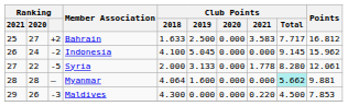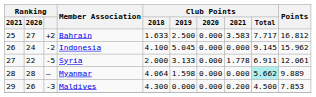 <table class = "wikitable sortable">
 <tr style="font-size: 97%">
 <th colspan="3">Ranking</th>
 <th rowspan="2">Member Association</th>
 <th colspan="5">Club Points</th>
 <th rowspan="2">Points</th>
 </tr>
 <tr style="font-size: 88%">
 <th>2021</th>
 <th>2020</th>
 <th data-sort-type="number"></th>
 <th>2018</th>
 <th>2019</th>
 <th>2020</th>
 <th>2021</th>
 <th>Total</th>
 </tr>
 <tr>
 <td>25</td>
 <td>27</td>
 <td> +2</td>
 <td align=left> <a href='#'>Bahrain</a></td>
 <td>1.633</td>
 <td>2.500</td>
 <td>0.000</td>
 <td>3.583</td>
 <td>7.717</td>
 <td>16.812</td>
 </tr>
 <tr>
 <td>26</td>
 <td>24</td>
 <td> -2</td>
 <td align=left> <a href='#'>Indonesia</a></td>
 <td>4.100</td>
 <td>5.045</td>
 <td>0.000</td>
 <td>0.000</td>
 <td>9.145</td>
 <td>15.962</td>
 </tr>
 <tr>
 <td>27</td>
 <td>22</td>
 <td> -5</td>
 <td align=left> <a href='#'>Syria</a></td>
 <td>2.000</td>
 <td>3.133</td>
 <td>0.000</td>
 <td>1.778</td>
-<td>8.280</td>
+<td>6.911</td>
 <td>12.061</td>
 </tr>
 <tr>
 <td>28</td>
 <td>28</td>
 <td> —</td>
 <td align=left> <a href='#'>Myanmar</a></td>
 <td>4.064</td>
-<td>1.600</td>
+<td>1.598</td>
 <td>0.000</td>
 <td>0.000</td>
 <td style="background: paleturquoise;">5.662</td>
-<td>9.881</td>
+<td>9.889</td>
 </tr>
 <tr>
 <td>29</td>
 <td>26</td>
 <td> -3</td>
 <td align=left> <a href='#'>Maldives</a></td>
 <td>4.300</td>
 <td>0.000</td>
 <td>0.000</td>
-<td>0.220</td>
+<td>0.200</td>
 <td>4.500</td>
 <td>7.853</td>
 </tr>
 <tr>
 </tr>
 </table>
